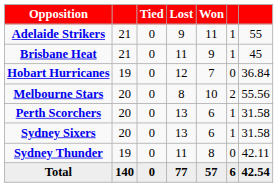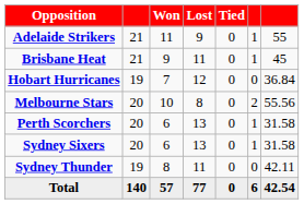 <table class="wikitable" style="font-size:100%">
 <tr>
 <th style="background:red; color:white;">Opposition</th>
 <th style="background:red; color:white;"></th>
+<th style="background:red; color:white;">Won</th>
+<th style="background:red; color:white;">Lost</th>
 <th style="background:red; color:white;">Tied</th>
-<th style="background:red; color:white;">Lost</th>
-<th style="background:red; color:white;">Won</th>
 <th style="background:red; color:white;"></th>
 <th style="background:red; color:white;"></th>
 </tr>
 <tr align=center>
 <td><strong><a href='#'>Adelaide Strikers</a></strong></td>
 <td>21</td>
+<td>11</td>
+<td>9</td>
 <td>0</td>
-<td>9</td>
-<td>11</td>
 <td>1</td>
 <td>55</td>
 </tr>
 <tr align=center>
 <td><strong><a href='#'>Brisbane Heat</a></strong></td>
 <td>21</td>
+<td>9</td>
+<td>11</td>
 <td>0</td>
-<td>11</td>
-<td>9</td>
 <td>1</td>
 <td>45</td>
 </tr>
 <tr align=center>
 <td><strong><a href='#'>Hobart Hurricanes</a></strong></td>
 <td>19</td>
+<td>7</td>
+<td>12</td>
 <td>0</td>
-<td>12</td>
-<td>7</td>
 <td>0</td>
 <td>36.84</td>
 </tr>
 <tr align=center>
 <td><strong><a href='#'>Melbourne Stars</a></strong></td>
 <td>20</td>
+<td>10</td>
+<td>8</td>
 <td>0</td>
-<td>8</td>
-<td>10</td>
 <td>2</td>
 <td>55.56</td>
 </tr>
 <tr align=center>
 <td><strong><a href='#'>Perth Scorchers</a></strong></td>
 <td>20</td>
+<td>6</td>
+<td>13</td>
 <td>0</td>
-<td>13</td>
-<td>6</td>
 <td>1</td>
 <td>31.58</td>
 </tr>
 <tr align=center>
 <td><strong><a href='#'>Sydney Sixers</a></strong></td>
 <td>20</td>
+<td>6</td>
+<td>13</td>
 <td>0</td>
-<td>13</td>
-<td>6</td>
 <td>1</td>
 <td>31.58</td>
 </tr>
 <tr align=center>
 <td><strong><a href='#'>Sydney Thunder</a></strong></td>
 <td>19</td>
+<td>8</td>
+<td>11</td>
 <td>0</td>
-<td>11</td>
-<td>8</td>
 <td>0</td>
 <td>42.11</td>
 </tr>
 <tr align=center style="background:#eee;">
 <td><strong>Total</strong></td>
 <td><strong>140</strong></td>
+<td><strong>57</strong></td>
+<td><strong>77</strong></td>
 <td><strong>0</strong></td>
-<td><strong>77</strong></td>
-<td><strong>57</strong></td>
 <td><strong>6</strong></td>
 <td><strong>42.54</strong></td>
 </tr>
 </table>
